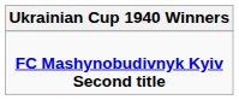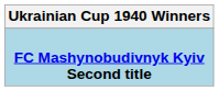 <table class="wikitable" style="text-align: center; margin: 0 auto;">
 <tr>
 <th>Ukrainian Cup 1940 Winners</th>
 </tr>
 <tr>
 </tr>
 <tr>
-<td><br><strong><a href='#'>FC Mashynobudivnyk Kyiv</a></strong><br><strong>Second title</strong></td>
+<td style="background: lightblue;"><br><strong><a href='#'>FC Mashynobudivnyk Kyiv</a></strong><br><strong>Second title</strong></td>
 </tr>
 </table>
